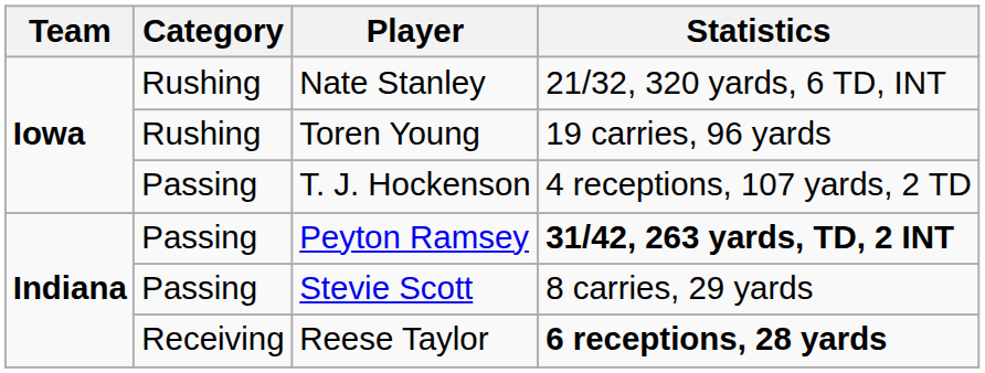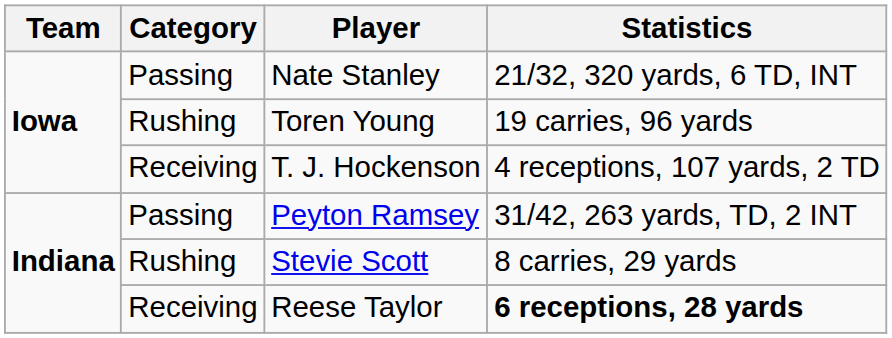 <table class="wikitable" style="float: left;">
 <tr>
 <th>Team</th>
 <th>Category</th>
 <th>Player</th>
 <th>Statistics</th>
 </tr>
 <tr>
 <td rowspan=3><strong>Iowa</strong></td>
-<td>Rushing</td>
+<td>Passing</td>
 <td>Nate Stanley</td>
 <td>21/32, 320 yards, 6 TD, INT</td>
 </tr>
 <tr>
 <td>Rushing</td>
 <td>Toren Young</td>
 <td>19 carries, 96 yards</td>
 </tr>
 <tr>
-<td>Passing</td>
+<td>Receiving</td>
 <td>T. J. Hockenson</td>
 <td>4 receptions, 107 yards, 2 TD</td>
 </tr>
 <tr>
 <td rowspan=3><strong>Indiana</strong></td>
 <td>Passing</td>
 <td><a href='#'>Peyton Ramsey</a></td>
-<td><strong>31/42, 263 yards, TD, 2 INT</strong></td>
+<td>31/42, 263 yards, TD, 2 INT</td>
 </tr>
 <tr>
-<td>Passing</td>
+<td>Rushing</td>
 <td><a href='#'>Stevie Scott</a></td>
 <td>8 carries, 29 yards</td>
 </tr>
 <tr>
 <td>Receiving</td>
 <td>Reese Taylor</td>
 <td><strong>6 receptions, 28 yards</strong></td>
 </tr>
 </table>
